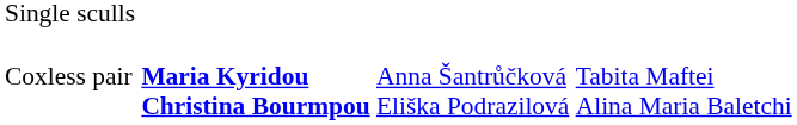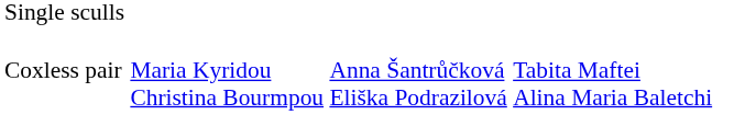 <table>
 <tr>
 <td>Single sculls<br></td>
 <td></td>
 <td></td>
 <td></td>
 </tr>
 <tr>
 <td>Coxless pair<br></td>
-<td><strong> <br> <a href='#'>Maria Kyridou</a><br><a href='#'>Christina Bourmpou</a></strong></td>
+<td> <br> <a href='#'>Maria Kyridou</a><br><a href='#'>Christina Bourmpou</a></td>
 <td> <br> <a href='#'>Anna Šantrůčková</a><br><a href='#'>Eliška Podrazilová</a></td>
 <td> <br> <a href='#'>Tabita Maftei</a><br><a href='#'>Alina Maria Baletchi</a></td>
 </tr>
 <tr>
 </tr>
 </table>
